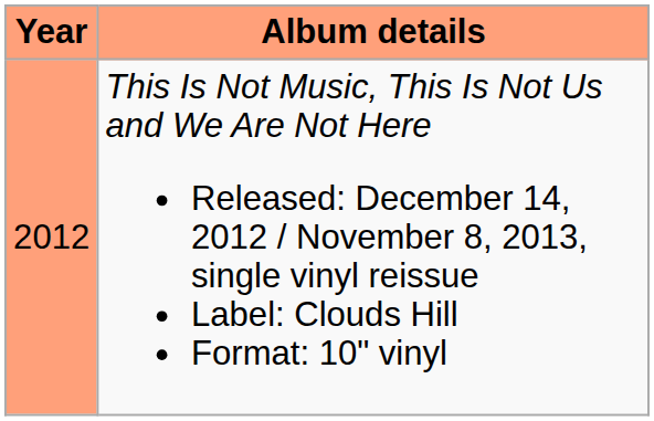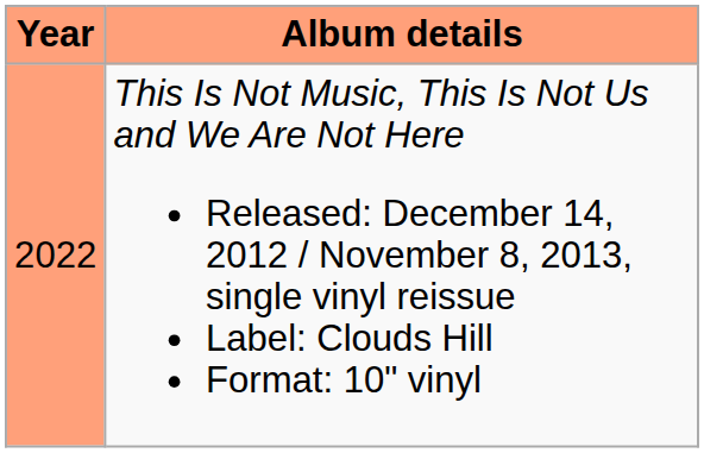 <table class ="wikitable">
 <tr>
 <th width="35" style="background: #ffa07a">Year</th>
 <th width="250" style="background: #ffa07a">Album details</th>
 </tr>
 <tr>
-<td style="background: #ffa07a; text-align: center">2012</td>
+<td style="background: #ffa07a; text-align: center">2022</td>
 <td><em>This Is Not Music, This Is Not Us and We Are Not Here</em><br><ul><li>Released: December 14, 2012 / November 8, 2013, single vinyl reissue</li><li>Label: Clouds Hill</li><li>Format: 10" vinyl</li></ul></td>
 </tr>
 </table>
